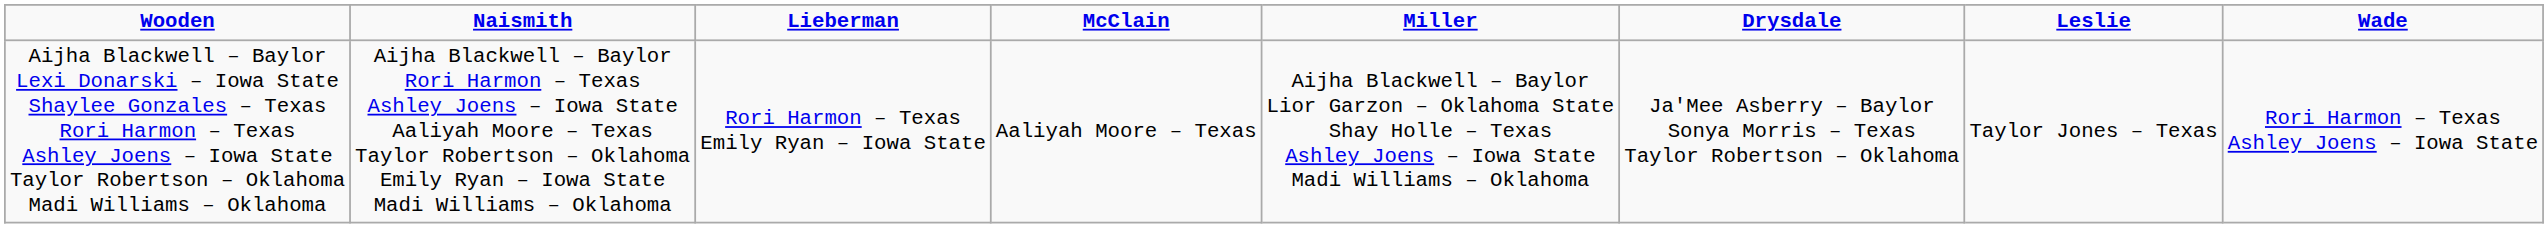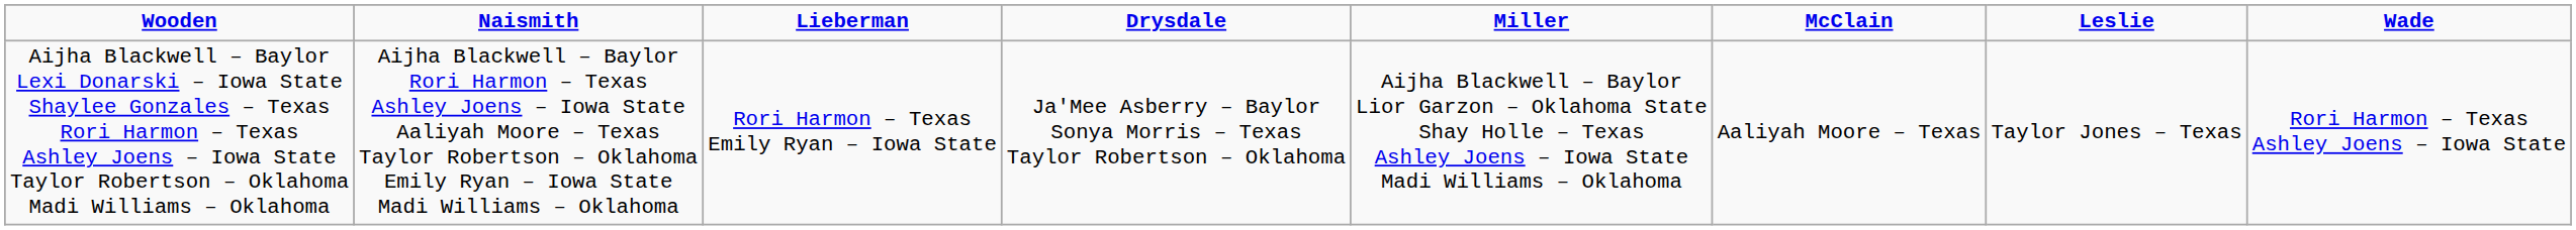 <table class="wikitable" style="white-space:nowrap; font-size:90%; text-align: center;">
 <tr>
 <td><strong><a href='#'>Wooden</a></strong></td>
 <td><strong><a href='#'>Naismith</a></strong></td>
 <td><strong><a href='#'>Lieberman</a></strong></td>
+<td><strong><a href='#'>Drysdale</a></strong></td>
+<td><strong><a href='#'>Miller</a></strong></td>
 <td><strong><a href='#'>McClain</a></strong></td>
-<td><strong><a href='#'>Miller</a></strong></td>
-<td><strong><a href='#'>Drysdale</a></strong></td>
 <td><strong><a href='#'>Leslie</a></strong></td>
 <td><strong><a href='#'>Wade</a></strong></td>
 </tr>
 <tr>
 <td>Aijha Blackwell – Baylor<br><a href='#'>Lexi Donarski</a> – Iowa State<br><a href='#'>Shaylee Gonzales</a> – Texas<br><a href='#'>Rori Harmon</a> – Texas<br><a href='#'>Ashley Joens</a> – Iowa State<br>Taylor Robertson – Oklahoma<br>Madi Williams – Oklahoma</td>
 <td>Aijha Blackwell – Baylor<br><a href='#'>Rori Harmon</a> – Texas<br><a href='#'>Ashley Joens</a> – Iowa State<br>Aaliyah Moore – Texas<br>Taylor Robertson – Oklahoma<br>Emily Ryan – Iowa State<br>Madi Williams – Oklahoma</td>
 <td><a href='#'>Rori Harmon</a> – Texas<br>Emily Ryan – Iowa State</td>
+<td>Ja'Mee Asberry – Baylor<br>Sonya Morris – Texas<br>Taylor Robertson – Oklahoma</td>
+<td>Aijha Blackwell – Baylor<br>Lior Garzon – Oklahoma State<br>Shay Holle – Texas<br><a href='#'>Ashley Joens</a> – Iowa State<br>Madi Williams – Oklahoma</td>
 <td>Aaliyah Moore – Texas</td>
-<td>Aijha Blackwell – Baylor<br>Lior Garzon – Oklahoma State<br>Shay Holle – Texas<br><a href='#'>Ashley Joens</a> – Iowa State<br>Madi Williams – Oklahoma</td>
-<td>Ja'Mee Asberry – Baylor<br>Sonya Morris – Texas<br>Taylor Robertson – Oklahoma</td>
 <td>Taylor Jones – Texas</td>
 <td><a href='#'>Rori Harmon</a> – Texas<br><a href='#'>Ashley Joens</a> – Iowa State</td>
 </tr>
 </table>
